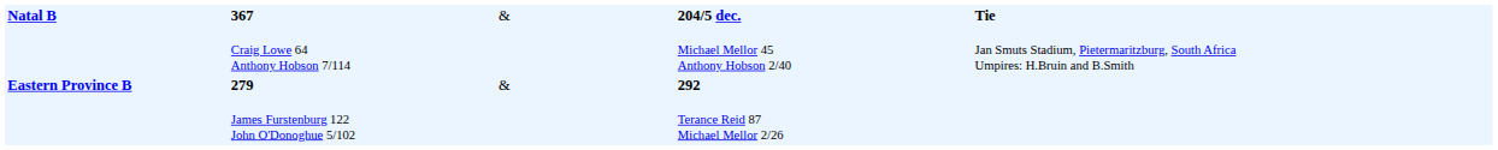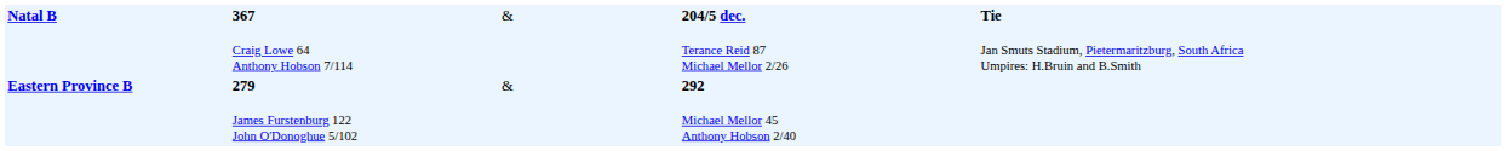 <table width="100%" style="background: #EBF5FF">
 <tr>
 <td width="15%" valign="top" rowspan="2"><strong><a href='#'>Natal B</a></strong></td>
 <td width="18%"><strong>367</strong></td>
 <td width="12%">&</td>
 <td width="20%"><strong>204/5 <a href='#'>dec.</a></strong></td>
 <td width="35%"><strong>Tie</strong></td>
 </tr>
 <tr>
 <td style="font-size: 85%;" valign="top"><br><a href='#'>Craig Lowe</a> 64<br> <a href='#'>Anthony Hobson</a> 7/114</td>
 <td></td>
-<td style="font-size: 85%;"><br><a href='#'>Michael Mellor</a> 45<br> <a href='#'>Anthony Hobson</a> 2/40</td>
+<td valign="top" style="font-size: 85%;"><br><a href='#'>Terance Reid</a> 87<br> <a href='#'>Michael Mellor</a> 2/26</td>
 <td valign="top" style="font-size: 85%;" rowspan="3"><br>Jan Smuts Stadium, <a href='#'>Pietermaritzburg</a>, <a href='#'>South Africa</a><br> Umpires: H.Bruin and B.Smith</td>
 </tr>
 <tr>
 <td valign="top" rowspan="2"><strong><a href='#'>Eastern Province B</a></strong></td>
 <td><strong>279</strong></td>
 <td>&</td>
 <td><strong>292</strong></td>
 </tr>
 <tr>
 <td style="font-size: 85%;"><br><a href='#'>James Furstenburg</a> 122<br> <a href='#'>John O'Donoghue</a> 5/102</td>
 <td></td>
-<td valign="top" style="font-size: 85%;"><br><a href='#'>Terance Reid</a> 87<br> <a href='#'>Michael Mellor</a> 2/26</td>
+<td style="font-size: 85%;"><br><a href='#'>Michael Mellor</a> 45<br> <a href='#'>Anthony Hobson</a> 2/40</td>
 </tr>
 </table>
